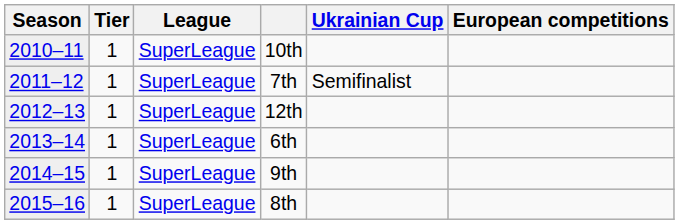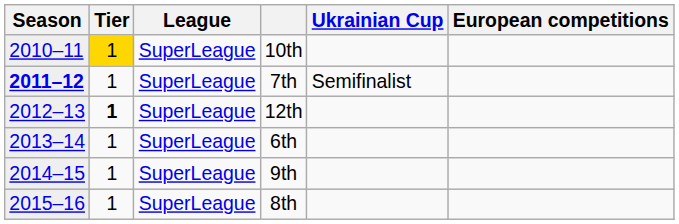 <table class="wikitable" style="font-size:85%">
 <tr bgcolor=>
 <th>Season</th>
 <th>Tier</th>
 <th>League</th>
 <th></th>
 <th><a href='#'>Ukrainian Cup</a></th>
 <th>European competitions</th>
 </tr>
 <tr>
 <td style="background:#efefef;"><a href='#'>2010–11</a></td>
-<td style="text-align:center;">1</td>
+<td style="background: gold; text-align:center;">1</td>
 <td><a href='#'>SuperLeague</a></td>
 <td style="text-align:center;">10th</td>
 <td></td>
 <td colspan=2></td>
 </tr>
 <tr>
-<td style="background:#efefef;"><a href='#'>2011–12</a></td>
+<td style="background:#efefef;"><strong><a href='#'>2011–12</a></strong></td>
 <td style="text-align:center;">1</td>
 <td><a href='#'>SuperLeague</a></td>
 <td style="text-align:center;">7th</td>
 <td>Semifinalist</td>
 <td colspan=2></td>
 </tr>
 <tr>
 <td style="background:#efefef;"><a href='#'>2012–13</a></td>
-<td style="text-align:center;">1</td>
+<td style="text-align:center;"><strong>1</strong></td>
 <td><a href='#'>SuperLeague</a></td>
 <td style="text-align:center;">12th</td>
 <td></td>
 <td colspan=2></td>
 </tr>
 <tr>
 <td style="background:#efefef;"><a href='#'>2013–14</a></td>
 <td style="text-align:center;">1</td>
 <td><a href='#'>SuperLeague</a></td>
 <td style="text-align:center;">6th</td>
 <td></td>
 <td colspan=2></td>
 </tr>
 <tr>
 <td style="background:#efefef;"><a href='#'>2014–15</a></td>
 <td style="text-align:center;">1</td>
 <td><a href='#'>SuperLeague</a></td>
 <td style="text-align:center;">9th</td>
 <td></td>
 <td colspan=2></td>
 </tr>
 <tr>
 <td style="background:#efefef;"><a href='#'>2015–16</a></td>
 <td style="text-align:center;">1</td>
 <td><a href='#'>SuperLeague</a></td>
 <td style="text-align:center;">8th</td>
 <td></td>
 <td colspan=2></td>
 </tr>
 </table>
